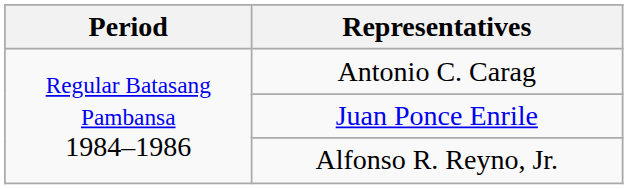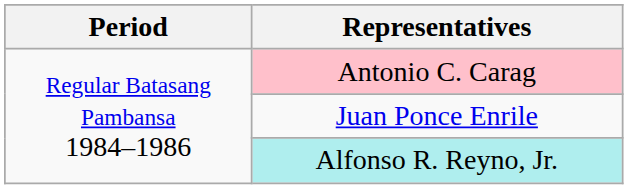 <table class="wikitable" style="text-align:center; width:40%;">
 <tr>
 <th width="40%">Period</th>
 <th>Representatives</th>
 </tr>
 <tr>
 <td rowspan="3"><small><a href='#'>Regular Batasang Pambansa</a></small><br>1984–1986</td>
-<td>Antonio C. Carag</td>
+<td style="background: pink;">Antonio C. Carag</td>
 </tr>
 <tr>
 <td><a href='#'>Juan Ponce Enrile</a></td>
 </tr>
 <tr>
-<td>Alfonso R. Reyno, Jr.</td>
+<td style="background: paleturquoise;">Alfonso R. Reyno, Jr.</td>
 </tr>
 </table>
